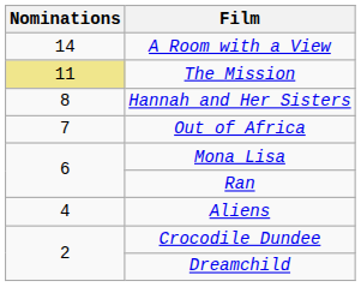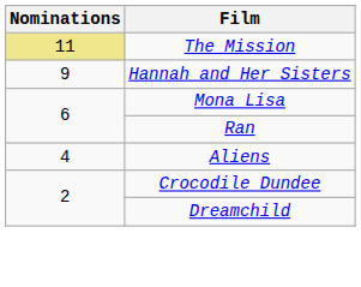 <table class="wikitable" style="text-align:center;">
 <tr>
 <th style="background:">Nominations</th>
 <th style="background:">Film</th>
 </tr>
 <tr>
-<td>14</td>
-<td><em><a href='#'>A Room with a View</a></em></td>
-</tr>
-<tr>
 <td style="background: khaki;">11</td>
 <td><em><a href='#'>The Mission</a></em></td>
 </tr>
 <tr>
-<td>8</td>
+<td>9</td>
 <td><em><a href='#'>Hannah and Her Sisters</a></em></td>
-</tr>
-<tr>
-<td>7</td>
-<td><em><a href='#'>Out of Africa</a></em></td>
 </tr>
 <tr>
 <td rowspan="2">6</td>
 <td><em><a href='#'>Mona Lisa</a></em></td>
 </tr>
 <tr>
 <td><em><a href='#'>Ran</a></em></td>
 </tr>
 <tr>
 <td>4</td>
 <td><em><a href='#'>Aliens</a></em></td>
 </tr>
 <tr>
 <td rowspan="2">2</td>
 <td><em><a href='#'>Crocodile Dundee</a></em></td>
 </tr>
 <tr>
 <td><em><a href='#'>Dreamchild</a></em></td>
 </tr>
 </table>
